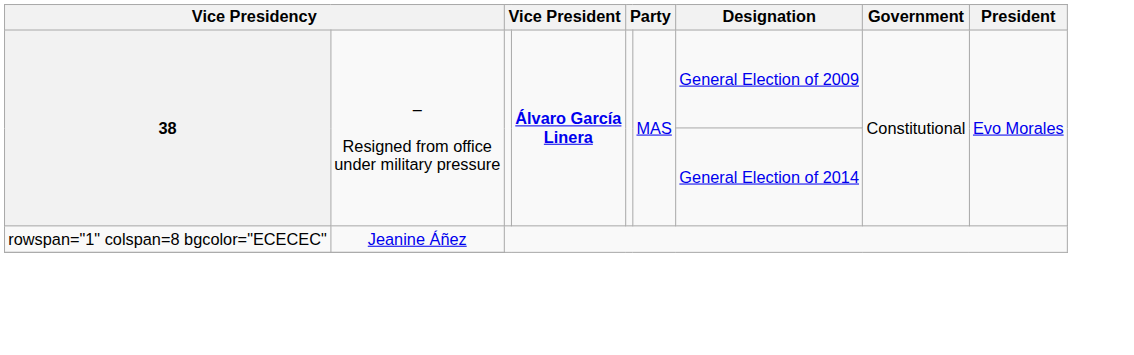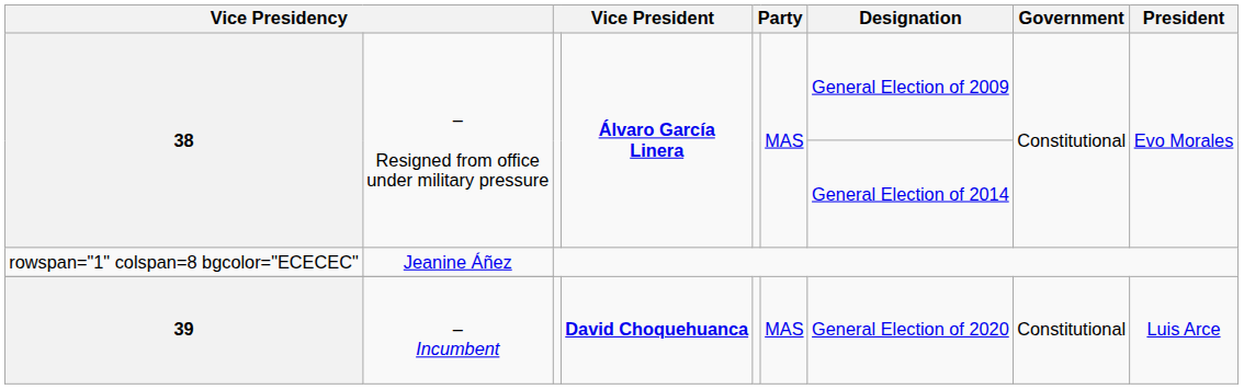 <table class="wikitable" style="text-align:center;">
 <tr>
 <th colspan="2">Vice Presidency</th>
 <th colspan="2">Vice President</th>
 <th colspan="2">Party</th>
 <th>Designation</th>
 <th>Government</th>
 <th>President</th>
 </tr>
 <tr style="height:6em;">
 <th rowspan="2">38</th>
 <td rowspan="2"><br>–<br><br>Resigned from office<br>under military pressure</td>
 <td rowspan="2" data-sort-value="Linera, Álvaro García"></td>
 <td rowspan="2"><strong><a href='#'>Álvaro García<br>Linera</a></strong></td>
 <td rowspan="2" style="background:"></td>
 <td rowspan="2"><a href='#'>MAS</a></td>
 <td rowspan="1"><a href='#'>General Election of 2009</a></td>
 <td rowspan="2">Constitutional</td>
 <td rowspan="2"><a href='#'>Evo Morales</a></td>
 </tr>
 <tr style="height:6em;">
 <td rowspan="1"><a href='#'>General Election of 2014</a></td>
 </tr>
 <tr>
 <td>rowspan="1" colspan=8 bgcolor="ECECEC" </td>
 <td rowspan="1"><a href='#'>Jeanine Áñez</a></td>
 </tr>
 <tr>
 </tr>
+<tr style="height:6em;">
+<th rowspan="1">39</th>
+<td rowspan="1"><br>–<br><em><a href='#'>Incumbent</a></em></td>
+<td rowspan="1" data-sort-value="Choquehuanca, David "></td>
+<td rowspan="1"><strong><a href='#'>David Choquehuanca</a></strong></td>
+<td rowspan="1" style="background:"></td>
+<td rowspan="1"><a href='#'>MAS</a></td>
+<td rowspan="1"><a href='#'>General Election of 2020</a></td>
+<td rowspan="1">Constitutional</td>
+<td rowspan="1"><a href='#'>Luis Arce</a></td>
+</tr>
 </table>
